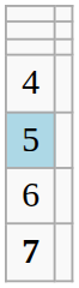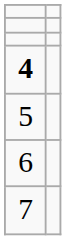 <table class="wikitable">
 <tr>
 <td width="15" align="center"></td>
 <td></td>
 </tr>
 <tr>
 <td align="center"></td>
 <td></td>
 </tr>
 <tr>
 <td align="center"></td>
 <td></td>
 </tr>
 <tr>
-<td align="center">4</td>
+<td align="center"><strong>4</strong></td>
 <td></td>
 </tr>
 <tr>
-<td align="center" style="background: lightblue;">5</td>
+<td align="center">5</td>
 <td></td>
 </tr>
 <tr>
 <td align="center">6</td>
 <td></td>
 </tr>
 <tr>
-<td align="center"><strong>7</strong></td>
+<td align="center">7</td>
 <td></td>
 </tr>
 </table>
